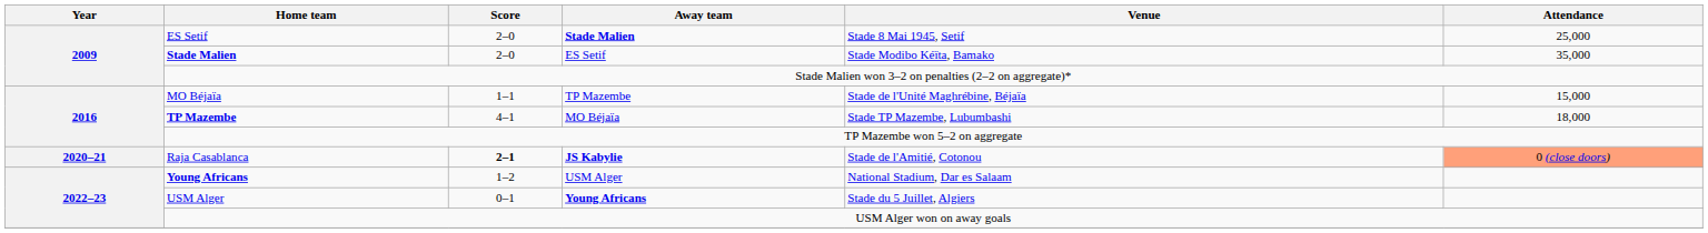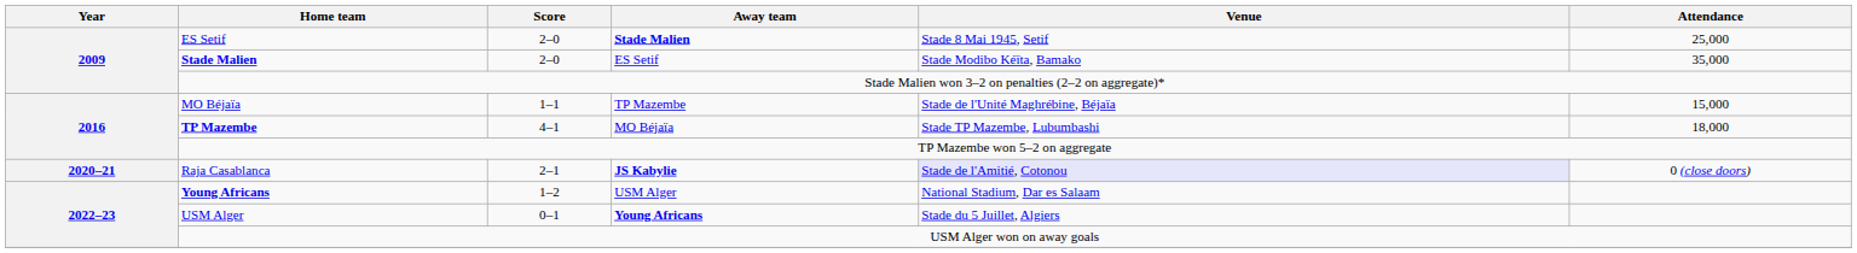 <table class="wikitable" width="100%" style="font-size:90%;">
 <tr>
 <th>Year</th>
 <th>Home team</th>
 <th>Score</th>
 <th>Away team</th>
 <th>Venue</th>
 <th>Attendance</th>
 </tr>
 <tr>
 <th scope=row rowspan=3 style=text-align:center><a href='#'>2009</a></th>
 <td> <a href='#'>ES Setif</a></td>
 <td align=center>2–0</td>
 <td> <strong><a href='#'>Stade Malien</a></strong></td>
 <td><a href='#'>Stade 8 Mai 1945</a>, <a href='#'>Setif</a></td>
 <td align=center>25,000</td>
 </tr>
 <tr>
 <td> <strong><a href='#'>Stade Malien</a></strong></td>
 <td align=center>2–0</td>
 <td> <a href='#'>ES Setif</a></td>
 <td><a href='#'>Stade Modibo Kéïta</a>, <a href='#'>Bamako</a></td>
 <td align=center>35,000</td>
 </tr>
 <tr>
 <td colspan=7 align=center>Stade Malien won 3–2 on penalties (2–2 on aggregate)*</td>
 </tr>
 <tr>
 <th scope=row rowspan=3 style=text-align:center><a href='#'>2016</a></th>
 <td> <a href='#'>MO Béjaïa</a></td>
 <td align=center>1–1</td>
 <td> <a href='#'>TP Mazembe</a></td>
 <td><a href='#'>Stade de l'Unité Maghrébine</a>, <a href='#'>Béjaïa</a></td>
 <td align=center>15,000</td>
 </tr>
 <tr>
 <td> <strong><a href='#'>TP Mazembe</a></strong></td>
 <td align=center>4–1</td>
 <td> <a href='#'>MO Béjaïa</a></td>
 <td><a href='#'>Stade TP Mazembe</a>, <a href='#'>Lubumbashi</a></td>
 <td align=center>18,000</td>
 </tr>
 <tr>
 <td colspan=7 align=center>TP Mazembe won 5–2 on aggregate</td>
 </tr>
 <tr>
 <th scope=row style=text-align:center><a href='#'>2020–21</a></th>
 <td> <a href='#'>Raja Casablanca</a></td>
-<td align=center><strong>2–1</strong></td>
+<td align=center>2–1</td>
 <td><strong> <a href='#'>JS Kabylie</a></strong></td>
-<td><a href='#'>Stade de l'Amitié</a>, <a href='#'>Cotonou</a></td>
-<td align=center style="background: lightsalmon;">0 <em><a href='#'>(close doors</a>)</em></td>
+<td style="background: lavender;"><a href='#'>Stade de l'Amitié</a>, <a href='#'>Cotonou</a></td>
+<td align=center>0 <em><a href='#'>(close doors</a>)</em></td>
 </tr>
 <tr>
 <th scope=row rowspan=3 style=text-align:center><a href='#'>2022–23</a></th>
 <td> <strong><a href='#'>Young Africans</a></strong></td>
 <td align=center>1–2</td>
 <td> <a href='#'>USM Alger</a></td>
 <td><a href='#'>National Stadium</a>, <a href='#'>Dar es Salaam</a></td>
 <td align=center></td>
 </tr>
 <tr>
 <td> <a href='#'>USM Alger</a></td>
 <td align=center>0–1</td>
 <td> <strong><a href='#'>Young Africans</a></strong></td>
 <td><a href='#'>Stade du 5 Juillet</a>, <a href='#'>Algiers</a></td>
 <td align=center></td>
 </tr>
 <tr>
 <td colspan=7 align=center>USM Alger won on away goals</td>
 </tr>
 <tr>
 </tr>
 </table>
